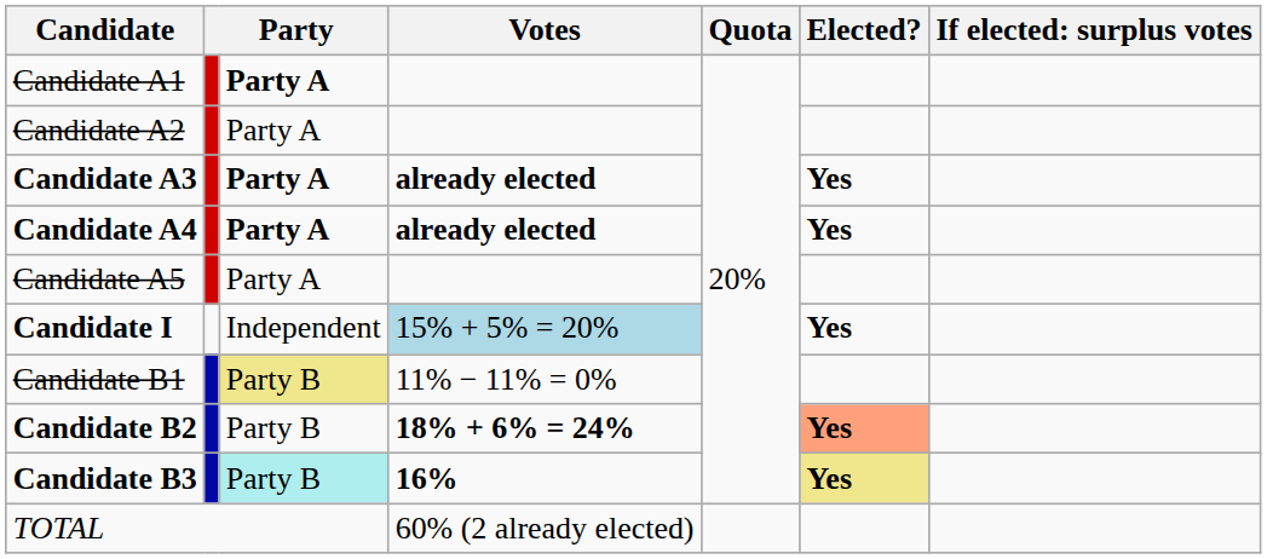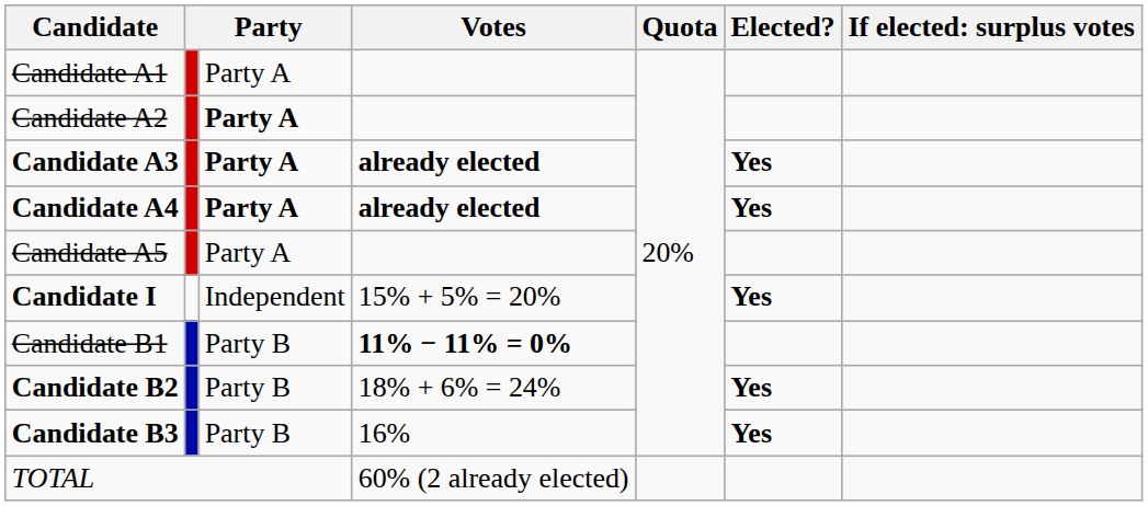 <table class="wikitable">
 <tr>
 <th>Candidate</th>
 <th colspan="2">Party</th>
 <th>Votes</th>
 <th>Quota</th>
 <th>Elected?</th>
 <th>If elected: surplus votes</th>
 </tr>
 <tr>
 <td><s>Candidate A1</s></td>
 <td style="background:#D10000"></td>
-<td><strong>Party A</strong></td>
+<td>Party A</td>
 <td></td>
 <td rowspan="9">20%</td>
 <td></td>
 <td></td>
 </tr>
 <tr>
 <td><s>Candidate A2</s></td>
 <td style="background:#D10000"></td>
-<td>Party A</td>
+<td><strong>Party A</strong></td>
 <td></td>
 <td></td>
 <td></td>
 </tr>
 <tr>
 <td><strong>Candidate A3</strong></td>
 <td style="background:#D10000"></td>
 <td><strong>Party A</strong></td>
 <td><strong>already elected</strong></td>
 <td><strong>Yes</strong></td>
 <td></td>
 </tr>
 <tr>
 <td><strong>Candidate A4</strong></td>
 <td style="background:#D10000"></td>
 <td><strong>Party A</strong></td>
 <td><strong>already elected</strong></td>
 <td><strong>Yes</strong></td>
 <td></td>
 </tr>
 <tr>
 <td><s>Candidate A5</s></td>
 <td style="background:#D10000"></td>
 <td>Party A</td>
 <td></td>
 <td></td>
 <td></td>
 </tr>
 <tr>
 <td><strong>Candidate I</strong></td>
 <td></td>
 <td>Independent</td>
-<td style="background: lightblue;">15% + 5% = 20%</td>
+<td>15% + 5% = 20%</td>
 <td><strong>Yes</strong></td>
 <td></td>
 </tr>
 <tr>
 <td><s>Candidate B1</s></td>
 <td style="background:#0008A5"></td>
-<td style="background: khaki;">Party B</td>
-<td>11% − 11% = 0%</td>
+<td>Party B</td>
+<td><strong>11% − 11% = 0%</strong></td>
 <td></td>
 <td></td>
 </tr>
 <tr>
 <td><strong>Candidate B2</strong></td>
 <td style="background:#0008A5"></td>
 <td>Party B</td>
-<td><strong>18% + 6% = 24%</strong></td>
-<td style="background: lightsalmon;"><strong>Yes</strong></td>
+<td>18% + 6% = 24%</td>
+<td><strong>Yes</strong></td>
 <td></td>
 </tr>
 <tr>
 <td><strong>Candidate B3</strong></td>
 <td style="background:#0008A5"></td>
-<td style="background: paleturquoise;">Party B</td>
-<td><strong>16%</strong></td>
-<td style="background: khaki;"><strong>Yes</strong></td>
+<td>Party B</td>
+<td>16%</td>
+<td><strong>Yes</strong></td>
 <td></td>
 </tr>
 <tr>
 <td colspan="3"><em>TOTAL</em></td>
 <td>60% (2 already elected)</td>
 <td></td>
 <td></td>
 <td></td>
 </tr>
 </table>
